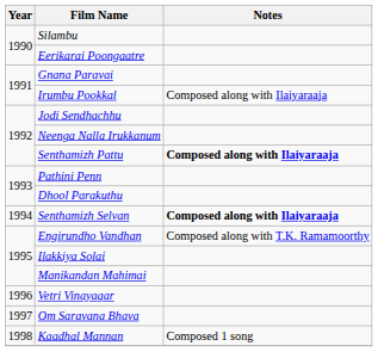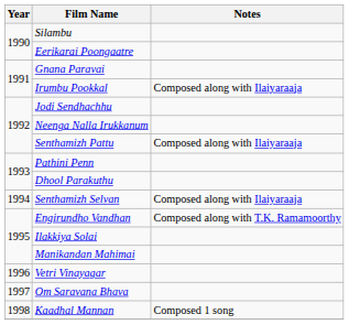 <table class="wikitable sortable" style="font-size:95%;">
 <tr>
 <th>Year</th>
 <th>Film Name</th>
 <th>Notes</th>
 </tr>
 <tr>
 <td rowspan="2">1990</td>
 <td><em>Silambu</em></td>
 <td></td>
 </tr>
 <tr>
 <td><em><a href='#'>Eerikarai Poongaatre</a></em></td>
 <td></td>
 </tr>
 <tr>
 <td rowspan="2">1991</td>
 <td><em><a href='#'>Gnana Paravai</a></em></td>
 <td></td>
 </tr>
 <tr>
 <td><em><a href='#'>Irumbu Pookkal</a></em></td>
 <td>Composed along with <a href='#'>Ilaiyaraaja</a></td>
 </tr>
 <tr>
 <td rowspan="3">1992</td>
 <td><em><a href='#'>Jodi Sendhachhu</a></em></td>
 <td></td>
 </tr>
 <tr>
 <td><em><a href='#'>Neenga Nalla Irukkanum</a></em></td>
 <td></td>
 </tr>
 <tr>
 <td><em><a href='#'>Senthamizh Pattu</a></em></td>
-<td><strong>Composed along with <a href='#'>Ilaiyaraaja</a></strong></td>
+<td>Composed along with <a href='#'>Ilaiyaraaja</a></td>
 </tr>
 <tr>
 <td rowspan="2">1993</td>
 <td><em><a href='#'>Pathini Penn</a></em></td>
 <td></td>
 </tr>
 <tr>
 <td><em><a href='#'>Dhool Parakuthu</a></em></td>
 <td></td>
 </tr>
 <tr>
 <td>1994</td>
 <td><em><a href='#'>Senthamizh Selvan</a></em></td>
-<td><strong>Composed along with <a href='#'>Ilaiyaraaja</a></strong></td>
+<td>Composed along with <a href='#'>Ilaiyaraaja</a></td>
 </tr>
 <tr>
 <td rowspan="3">1995</td>
 <td><em><a href='#'>Engirundho Vandhan</a></em></td>
 <td>Composed along with <a href='#'>T.K. Ramamoorthy</a></td>
 </tr>
 <tr>
 <td><em><a href='#'>Ilakkiya Solai</a></em></td>
 <td></td>
 </tr>
 <tr>
 <td><em><a href='#'>Manikandan Mahimai</a></em></td>
 <td></td>
 </tr>
 <tr>
 <td>1996</td>
 <td><em><a href='#'>Vetri Vinayagar</a></em></td>
 <td></td>
 </tr>
 <tr>
 <td>1997</td>
 <td><em><a href='#'>Om Saravana Bhava</a></em></td>
 <td></td>
 </tr>
 <tr>
 <td>1998</td>
 <td><em><a href='#'>Kaadhal Mannan</a></em></td>
 <td>Composed 1 song</td>
 </tr>
 <tr>
 </tr>
 </table>
